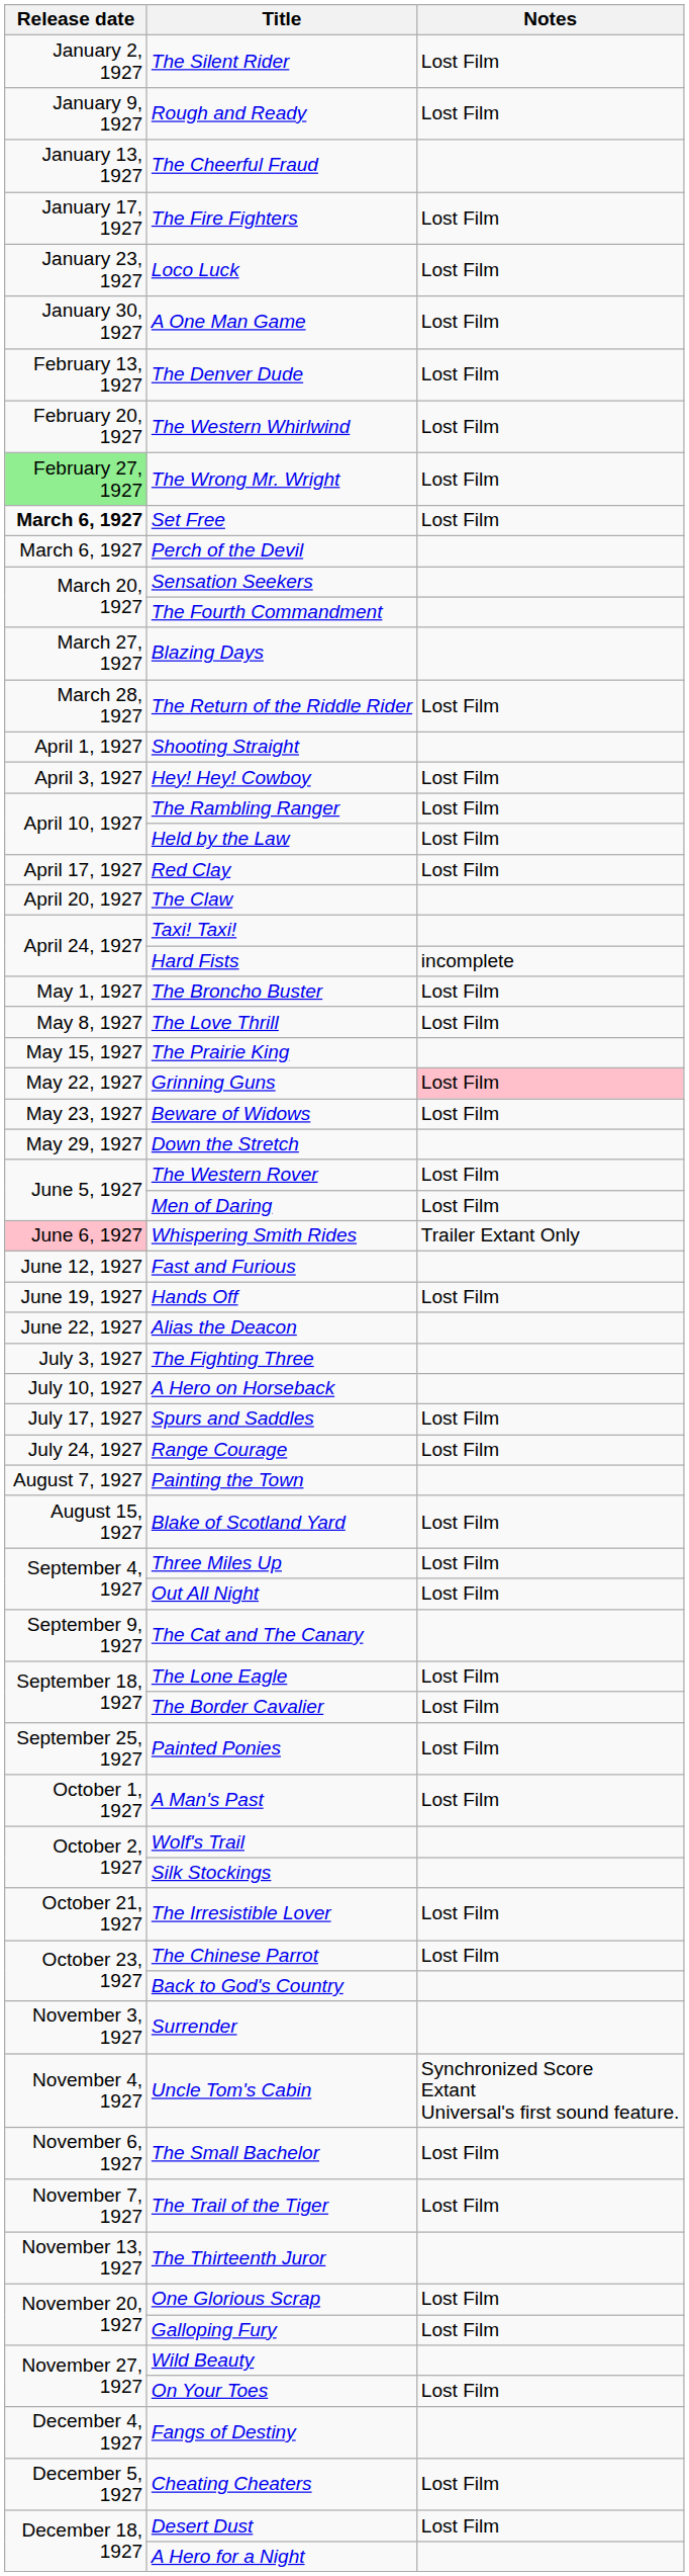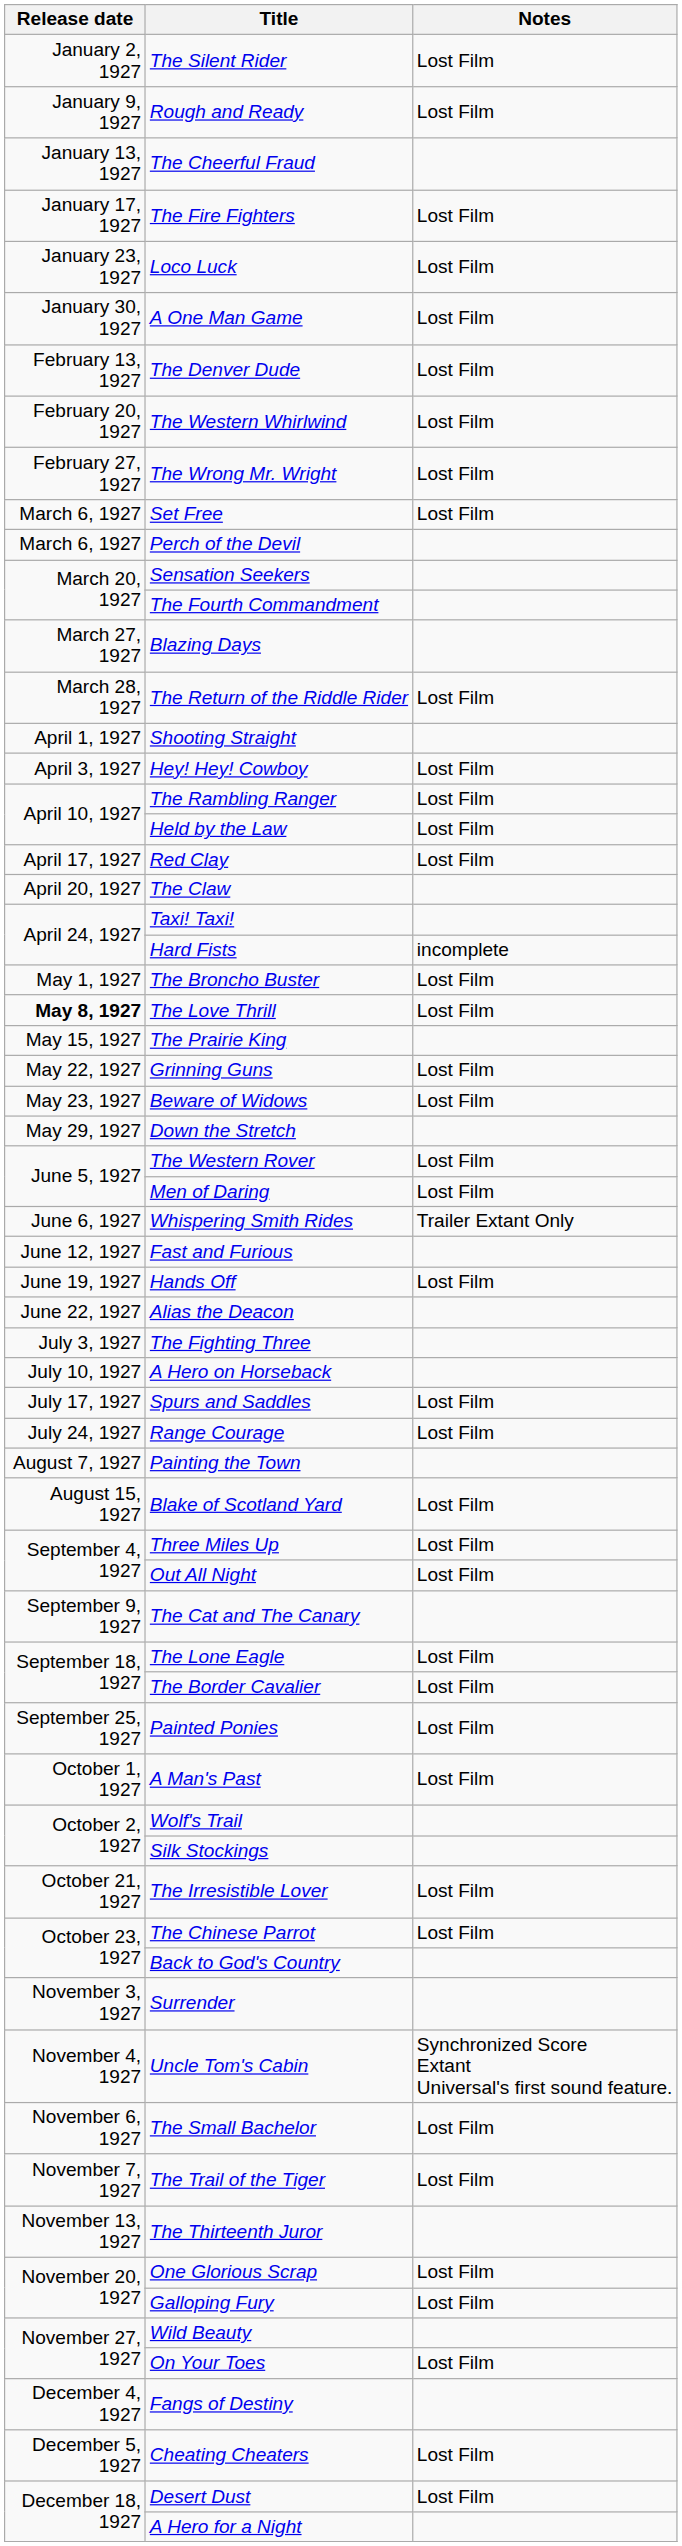 <table class="wikitable sortable">
 <tr>
 <th style="width:111px;">Release date</th>
 <th>Title</th>
 <th>Notes</th>
 </tr>
 <tr>
 <td style="text-align:right;">January 2, 1927</td>
 <td><em><a href='#'>The Silent Rider</a></em></td>
 <td>Lost Film</td>
 </tr>
 <tr>
 <td style="text-align:right;">January 9, 1927</td>
 <td><em><a href='#'>Rough and Ready</a></em></td>
 <td>Lost Film</td>
 </tr>
 <tr>
 <td style="text-align:right;">January 13, 1927</td>
 <td><em><a href='#'>The Cheerful Fraud</a></em></td>
 <td></td>
 </tr>
 <tr>
 <td style="text-align:right;">January 17, 1927</td>
 <td><em><a href='#'>The Fire Fighters</a></em></td>
 <td>Lost Film</td>
 </tr>
 <tr>
 <td style="text-align:right;">January 23, 1927</td>
 <td><em><a href='#'>Loco Luck</a></em></td>
 <td>Lost Film</td>
 </tr>
 <tr>
 <td style="text-align:right;">January 30, 1927</td>
 <td><em><a href='#'>A One Man Game</a></em></td>
 <td>Lost Film</td>
 </tr>
 <tr>
 <td style="text-align:right;">February 13, 1927</td>
 <td><em><a href='#'>The Denver Dude</a></em></td>
 <td>Lost Film</td>
 </tr>
 <tr>
 <td style="text-align:right;">February 20, 1927</td>
 <td><em><a href='#'>The Western Whirlwind</a></em></td>
 <td>Lost Film</td>
 </tr>
 <tr>
-<td style="background: lightgreen; text-align:right;">February 27, 1927</td>
+<td style="text-align:right;">February 27, 1927</td>
 <td><em><a href='#'>The Wrong Mr. Wright</a></em></td>
 <td>Lost Film</td>
 </tr>
 <tr>
-<td style="text-align:right;"><strong>March 6, 1927</strong></td>
+<td style="text-align:right;">March 6, 1927</td>
 <td><em><a href='#'>Set Free</a></em></td>
 <td>Lost Film</td>
 </tr>
 <tr>
 <td style="text-align:right;">March 6, 1927</td>
 <td><em><a href='#'>Perch of the Devil</a></em></td>
 <td></td>
 </tr>
 <tr>
 <td style="text-align:right;" rowspan="2">March 20, 1927</td>
 <td><em><a href='#'>Sensation Seekers</a></em></td>
 <td></td>
 </tr>
 <tr>
 <td><em><a href='#'>The Fourth Commandment</a></em></td>
 <td></td>
 </tr>
 <tr>
 <td style="text-align:right;">March 27, 1927</td>
 <td><em><a href='#'>Blazing Days</a></em></td>
 <td></td>
 </tr>
 <tr>
 <td style="text-align:right;">March 28, 1927</td>
 <td><em><a href='#'>The Return of the Riddle Rider</a></em></td>
 <td>Lost Film</td>
 </tr>
 <tr>
 <td style="text-align:right;">April 1, 1927</td>
 <td><em><a href='#'>Shooting Straight</a></em></td>
 <td></td>
 </tr>
 <tr>
 <td style="text-align:right;">April 3, 1927</td>
 <td><em><a href='#'>Hey! Hey! Cowboy</a></em></td>
 <td>Lost Film</td>
 </tr>
 <tr>
 <td style="text-align:right;" rowspan="2">April 10, 1927</td>
 <td><em><a href='#'>The Rambling Ranger</a></em></td>
 <td>Lost Film</td>
 </tr>
 <tr>
 <td><em><a href='#'>Held by the Law</a></em></td>
 <td>Lost Film</td>
 </tr>
 <tr>
 <td style="text-align:right;">April 17, 1927</td>
 <td><em><a href='#'>Red Clay</a></em></td>
 <td>Lost Film</td>
 </tr>
 <tr>
 <td style="text-align:right;">April 20, 1927</td>
 <td><em><a href='#'>The Claw</a></em></td>
 <td></td>
 </tr>
 <tr>
 <td style="text-align:right;" rowspan="2">April 24, 1927</td>
 <td><em><a href='#'>Taxi! Taxi!</a></em></td>
 <td></td>
 </tr>
 <tr>
 <td><em><a href='#'>Hard Fists</a></em></td>
 <td>incomplete</td>
 </tr>
 <tr>
 <td style="text-align:right;">May 1, 1927</td>
 <td><em><a href='#'>The Broncho Buster</a></em></td>
 <td>Lost Film</td>
 </tr>
 <tr>
-<td style="text-align:right;">May 8, 1927</td>
+<td style="text-align:right;"><strong>May 8, 1927</strong></td>
 <td><em><a href='#'>The Love Thrill</a></em></td>
 <td>Lost Film</td>
 </tr>
 <tr>
 <td style="text-align:right;">May 15, 1927</td>
 <td><em><a href='#'>The Prairie King</a></em></td>
 <td></td>
 </tr>
 <tr>
 <td style="text-align:right;">May 22, 1927</td>
 <td><em><a href='#'>Grinning Guns</a></em></td>
-<td style="background: pink;">Lost Film</td>
+<td>Lost Film</td>
 </tr>
 <tr>
 <td style="text-align:right;">May 23, 1927</td>
 <td><em><a href='#'>Beware of Widows</a></em></td>
 <td>Lost Film</td>
 </tr>
 <tr>
 <td style="text-align:right;">May 29, 1927</td>
 <td><em><a href='#'>Down the Stretch</a></em></td>
 <td></td>
 </tr>
 <tr>
 <td style="text-align:right;" rowspan="2">June 5, 1927</td>
 <td><em><a href='#'>The Western Rover</a></em></td>
 <td>Lost Film</td>
 </tr>
 <tr>
 <td><em><a href='#'>Men of Daring</a></em></td>
 <td>Lost Film</td>
 </tr>
 <tr>
-<td style="background: pink; text-align:right;">June 6, 1927</td>
+<td style="text-align:right;">June 6, 1927</td>
 <td><em><a href='#'>Whispering Smith Rides</a></em></td>
 <td>Trailer Extant Only</td>
 </tr>
 <tr>
 <td style="text-align:right;">June 12, 1927</td>
 <td><em><a href='#'>Fast and Furious</a></em></td>
 <td></td>
 </tr>
 <tr>
 <td style="text-align:right;">June 19, 1927</td>
 <td><em><a href='#'>Hands Off</a></em></td>
 <td>Lost Film</td>
 </tr>
 <tr>
 <td style="text-align:right;">June 22, 1927</td>
 <td><em><a href='#'>Alias the Deacon</a></em></td>
 <td></td>
 </tr>
 <tr>
 <td style="text-align:right;">July 3, 1927</td>
 <td><em><a href='#'>The Fighting Three</a></em></td>
 <td></td>
 </tr>
 <tr>
 <td style="text-align:right;">July 10, 1927</td>
 <td><em><a href='#'>A Hero on Horseback</a></em></td>
 <td></td>
 </tr>
 <tr>
 <td style="text-align:right;">July 17, 1927</td>
 <td><em><a href='#'>Spurs and Saddles</a></em></td>
 <td>Lost Film</td>
 </tr>
 <tr>
 <td style="text-align:right;">July 24, 1927</td>
 <td><em><a href='#'>Range Courage</a></em></td>
 <td>Lost Film</td>
 </tr>
 <tr>
 <td style="text-align:right;">August 7, 1927</td>
 <td><em><a href='#'>Painting the Town</a></em></td>
 <td></td>
 </tr>
 <tr>
 <td style="text-align:right;">August 15, 1927</td>
 <td><em><a href='#'>Blake of Scotland Yard</a></em></td>
 <td>Lost Film</td>
 </tr>
 <tr>
 <td style="text-align:right;" rowspan="2">September 4, 1927</td>
 <td><em><a href='#'>Three Miles Up</a></em></td>
 <td>Lost Film</td>
 </tr>
 <tr>
 <td><em><a href='#'>Out All Night</a></em></td>
 <td>Lost Film</td>
 </tr>
 <tr>
 <td style="text-align:right;">September 9, 1927</td>
 <td><em><a href='#'>The Cat and The Canary</a></em></td>
 <td></td>
 </tr>
 <tr>
 <td style="text-align:right;" rowspan="2">September 18, 1927</td>
 <td><em><a href='#'>The Lone Eagle</a></em></td>
 <td>Lost Film</td>
 </tr>
 <tr>
 <td><em><a href='#'>The Border Cavalier</a></em></td>
 <td>Lost Film</td>
 </tr>
 <tr>
 <td style="text-align:right;">September 25, 1927</td>
 <td><em><a href='#'>Painted Ponies</a></em></td>
 <td>Lost Film</td>
 </tr>
 <tr>
 <td style="text-align:right;">October 1, 1927</td>
 <td><em><a href='#'>A Man's Past</a></em></td>
 <td>Lost Film</td>
 </tr>
 <tr>
 <td style="text-align:right;" rowspan="2">October 2, 1927</td>
 <td><em><a href='#'>Wolf's Trail</a></em></td>
 <td></td>
 </tr>
 <tr>
 <td><em><a href='#'>Silk Stockings</a></em></td>
 <td></td>
 </tr>
 <tr>
 <td style="text-align:right;">October 21, 1927</td>
 <td><em><a href='#'>The Irresistible Lover</a></em></td>
 <td>Lost Film</td>
 </tr>
 <tr>
 <td style="text-align:right;" rowspan="2">October 23, 1927</td>
 <td><em><a href='#'>The Chinese Parrot</a></em></td>
 <td>Lost Film</td>
 </tr>
 <tr>
 <td><em><a href='#'>Back to God's Country</a></em></td>
 <td></td>
 </tr>
 <tr>
 <td style="text-align:right;">November 3, 1927</td>
 <td><em><a href='#'>Surrender</a></em></td>
 <td></td>
 </tr>
 <tr>
 <td style="text-align:right;">November 4, 1927</td>
 <td><em><a href='#'>Uncle Tom's Cabin</a></em></td>
 <td>Synchronized Score<br>Extant<br>Universal's first sound feature.</td>
 </tr>
 <tr>
 <td style="text-align:right;">November 6, 1927</td>
 <td><em><a href='#'>The Small Bachelor</a></em></td>
 <td>Lost Film</td>
 </tr>
 <tr>
 <td style="text-align:right;">November 7, 1927</td>
 <td><em><a href='#'>The Trail of the Tiger</a></em></td>
 <td>Lost Film</td>
 </tr>
 <tr>
 <td style="text-align:right;">November 13, 1927</td>
 <td><em><a href='#'>The Thirteenth Juror</a></em></td>
 <td></td>
 </tr>
 <tr>
 <td style="text-align:right;" rowspan="2">November 20, 1927</td>
 <td><em><a href='#'>One Glorious Scrap</a></em></td>
 <td>Lost Film</td>
 </tr>
 <tr>
 <td><em><a href='#'>Galloping Fury</a></em></td>
 <td>Lost Film</td>
 </tr>
 <tr>
 <td style="text-align:right;" rowspan="2">November 27, 1927</td>
 <td><em><a href='#'>Wild Beauty</a></em></td>
 <td></td>
 </tr>
 <tr>
 <td><em><a href='#'>On Your Toes</a></em></td>
 <td>Lost Film</td>
 </tr>
 <tr>
 <td style="text-align:right;">December 4, 1927</td>
 <td><em><a href='#'>Fangs of Destiny</a></em></td>
 <td></td>
 </tr>
 <tr>
 <td style="text-align:right;">December 5, 1927</td>
 <td><em><a href='#'>Cheating Cheaters</a></em></td>
 <td>Lost Film</td>
 </tr>
 <tr>
 <td style="text-align:right;" rowspan="2">December 18, 1927</td>
 <td><em><a href='#'>Desert Dust</a></em></td>
 <td>Lost Film</td>
 </tr>
 <tr>
 <td><em><a href='#'>A Hero for a Night</a></em></td>
 <td></td>
 </tr>
 <tr>
 </tr>
 </table>
